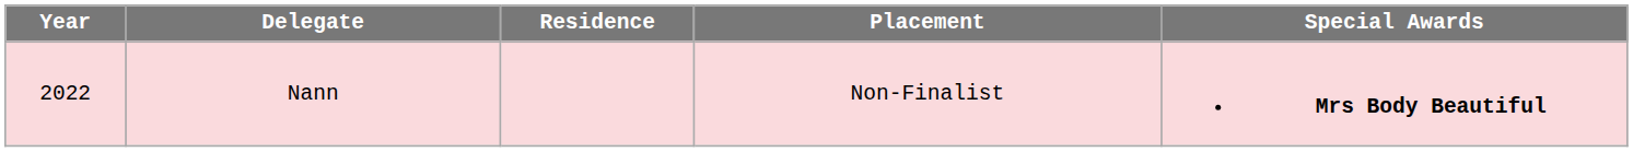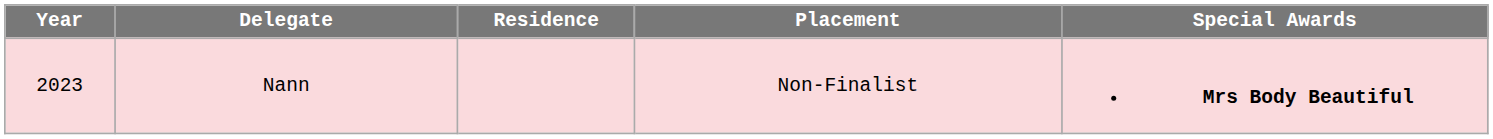 <table class="wikitable sortable" style="font-size: 90%; text-align:center">
 <tr>
 <th width="60" style="background-color:#787878;color:#FFFFFF;">Year</th>
 <th width="200" style="background-color:#787878;color:#FFFFFF;">Delegate</th>
 <th width="100" style="background-color:#787878;color:#FFFFFF;">Residence</th>
 <th width="250" style="background-color:#787878;color:#FFFFFF;">Placement</th>
 <th width="250" style="background-color:#787878;color:#FFFFFF;">Special Awards</th>
 </tr>
 <tr style="background-color:#FADADD;: bold">
-<td><strong></strong> 2022</td>
+<td><strong></strong> 2023</td>
 <td>Nann</td>
 <td></td>
 <td>Non-Finalist</td>
 <td><br><ul><li><strong>Mrs Body Beautiful</strong></li></ul></td>
 </tr>
 </table>
